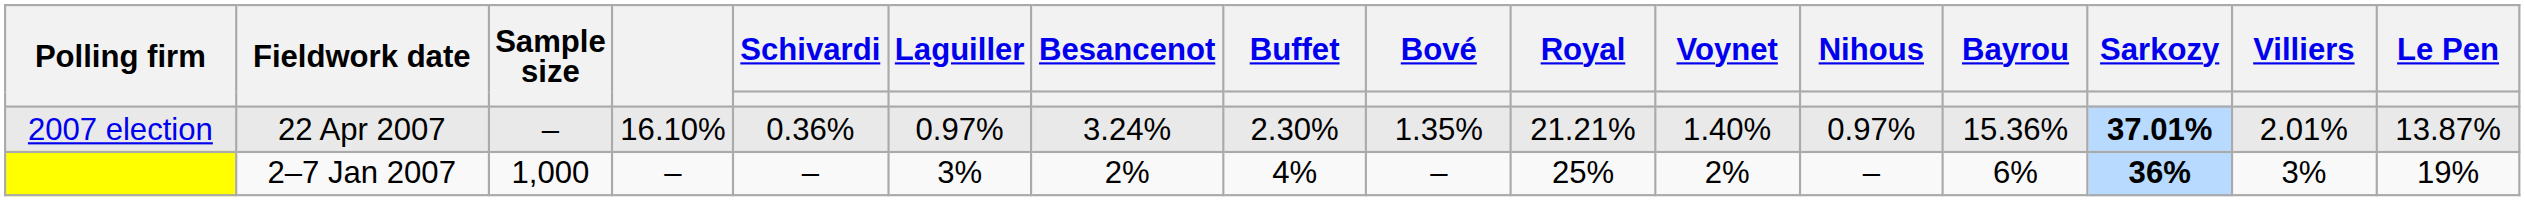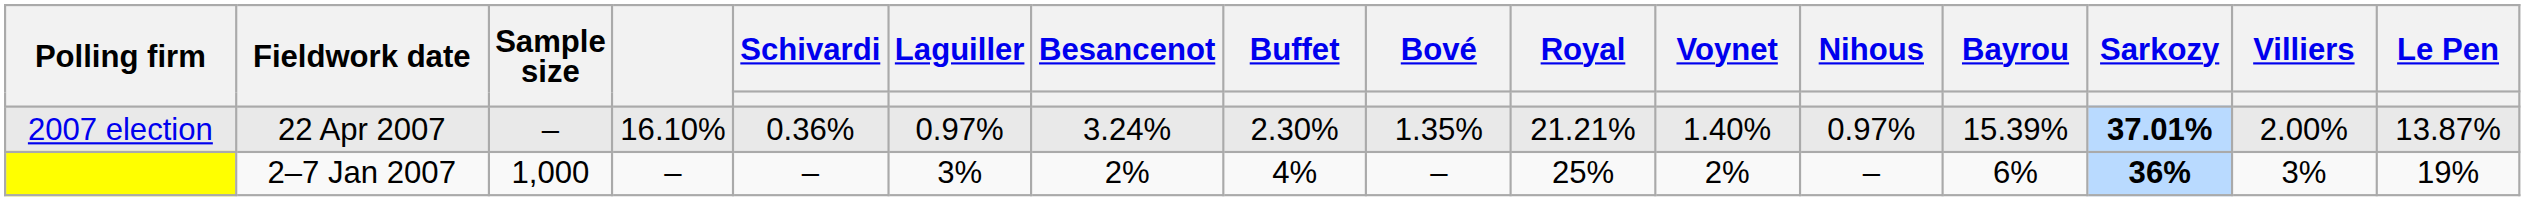 <table class="wikitable sortable" style="text-align:center;font-size:90%;line-height:14px;">
 <tr style="height:40px;">
 <th style="width:100px;" rowspan="2">Polling firm</th>
 <th style="width:110px;" rowspan="2">Fieldwork date</th>
 <th style="width:35px;" rowspan="2">Sample<br>size</th>
 <th style="width:30px;" rowspan="2"></th>
 <th class="unsortable" style="width:60px;"><a href='#'>Schivardi</a><br></th>
 <th class="unsortable" style="width:60px;"><a href='#'>Laguiller</a><br></th>
 <th class="unsortable" style="width:60px;"><a href='#'>Besancenot</a><br></th>
 <th class="unsortable" style="width:60px;"><a href='#'>Buffet</a><br></th>
 <th class="unsortable" style="width:60px;"><a href='#'>Bové</a><br></th>
 <th class="unsortable" style="width:60px;"><a href='#'>Royal</a><br></th>
 <th class="unsortable" style="width:60px;"><a href='#'>Voynet</a><br></th>
 <th class="unsortable" style="width:60px;"><a href='#'>Nihous</a><br></th>
 <th class="unsortable" style="width:60px;"><a href='#'>Bayrou</a><br></th>
 <th class="unsortable" style="width:60px;"><a href='#'>Sarkozy</a><br></th>
 <th class="unsortable" style="width:60px;"><a href='#'>Villiers</a><br></th>
 <th class="unsortable" style="width:60px;"><a href='#'>Le Pen</a><br></th>
 </tr>
 <tr>
 <th style="background:"></th>
 <th style="background:"></th>
 <th style="background:"></th>
 <th style="background:"></th>
 <th style="background:"></th>
 <th style="background:"></th>
 <th style="background:"></th>
 <th style="background:"></th>
 <th style="background:"></th>
 <th style="background:"></th>
 <th style="background:"></th>
 <th style="background:"></th>
 </tr>
 <tr style="background:#E9E9E9;">
 <td><a href='#'>2007 election</a></td>
 <td data-sort-value="2007-04-22">22 Apr 2007</td>
 <td>–</td>
 <td>16.10%</td>
 <td>0.36%</td>
 <td>0.97%</td>
 <td>3.24%</td>
 <td>2.30%</td>
 <td>1.35%</td>
 <td>21.21%</td>
 <td>1.40%</td>
 <td>0.97%</td>
-<td>15.36%</td>
+<td>15.39%</td>
 <td style="background:#B9DAFF;"><strong>37.01%</strong></td>
-<td>2.01%</td>
+<td>2.00%</td>
 <td>13.87%</td>
 </tr>
 <tr>
 <td style="background:yellow;"></td>
 <td data-sort-value="2007-01-07">2–7 Jan 2007</td>
 <td>1,000</td>
 <td>–</td>
 <td>–</td>
 <td>3%</td>
 <td>2%</td>
 <td>4%</td>
 <td>–</td>
 <td>25%</td>
 <td>2%</td>
 <td>–</td>
 <td>6%</td>
 <td style="background:#B9DAFF;"><strong>36%</strong></td>
 <td>3%</td>
 <td>19%</td>
 </tr>
 </table>
